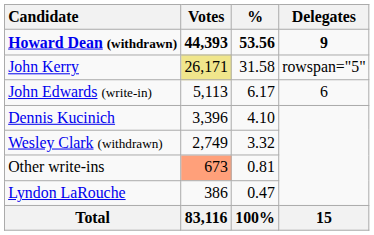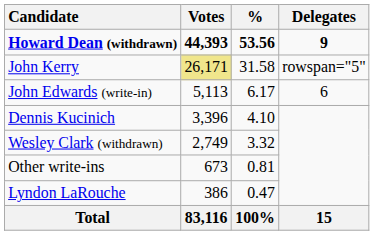 <table class="wikitable sortable plainrowheaders" style="text-align:right;">
 <tr>
 <th style="text-align:left;">Candidate</th>
 <th>Votes</th>
 <th>%</th>
 <th>Delegates</th>
 </tr>
 <tr>
 <td style="text-align:left;" data-sort-value="Dean"><strong><a href='#'>Howard Dean</a> <small>(withdrawn)</small></strong></td>
 <td><strong>44,393</strong></td>
 <td><strong>53.56</strong></td>
 <td style="text-align:center;"><strong>9</strong></td>
 </tr>
 <tr>
 <td style="text-align:left;" data-sort-value="Kerry"><a href='#'>John Kerry</a></td>
 <td style="background: khaki;">26,171</td>
 <td>31.58</td>
 <td>rowspan="5" </td>
 </tr>
 <tr>
 <td style="text-align:left;" data-sort-value="Edwards"><a href='#'>John Edwards</a> <small>(write-in)</small></td>
 <td>5,113</td>
 <td>6.17</td>
 <td style="text-align:center;">6</td>
 </tr>
 <tr>
 <td style="text-align:left;" data-sort-value="Kucinich"><a href='#'>Dennis Kucinich</a></td>
 <td>3,396</td>
 <td>4.10</td>
 </tr>
 <tr>
 <td style="text-align:left;" data-sort-value="Clark"><a href='#'>Wesley Clark</a> <small>(withdrawn)</small></td>
 <td>2,749</td>
 <td>3.32</td>
 </tr>
 <tr>
 <td style="text-align:left;" data-sort-value="Write-in">Other write-ins</td>
-<td style="background: lightsalmon;">673</td>
+<td>673</td>
 <td>0.81</td>
 </tr>
 <tr>
 <td style="text-align:left;" data-sort-value="LaRouche"><a href='#'>Lyndon LaRouche</a></td>
 <td>386</td>
 <td>0.47</td>
 </tr>
 <tr class="sortbottom">
 <th>Total</th>
 <th><strong>83,116</strong></th>
 <th>100%</th>
 <th>15</th>
 </tr>
 </table>
